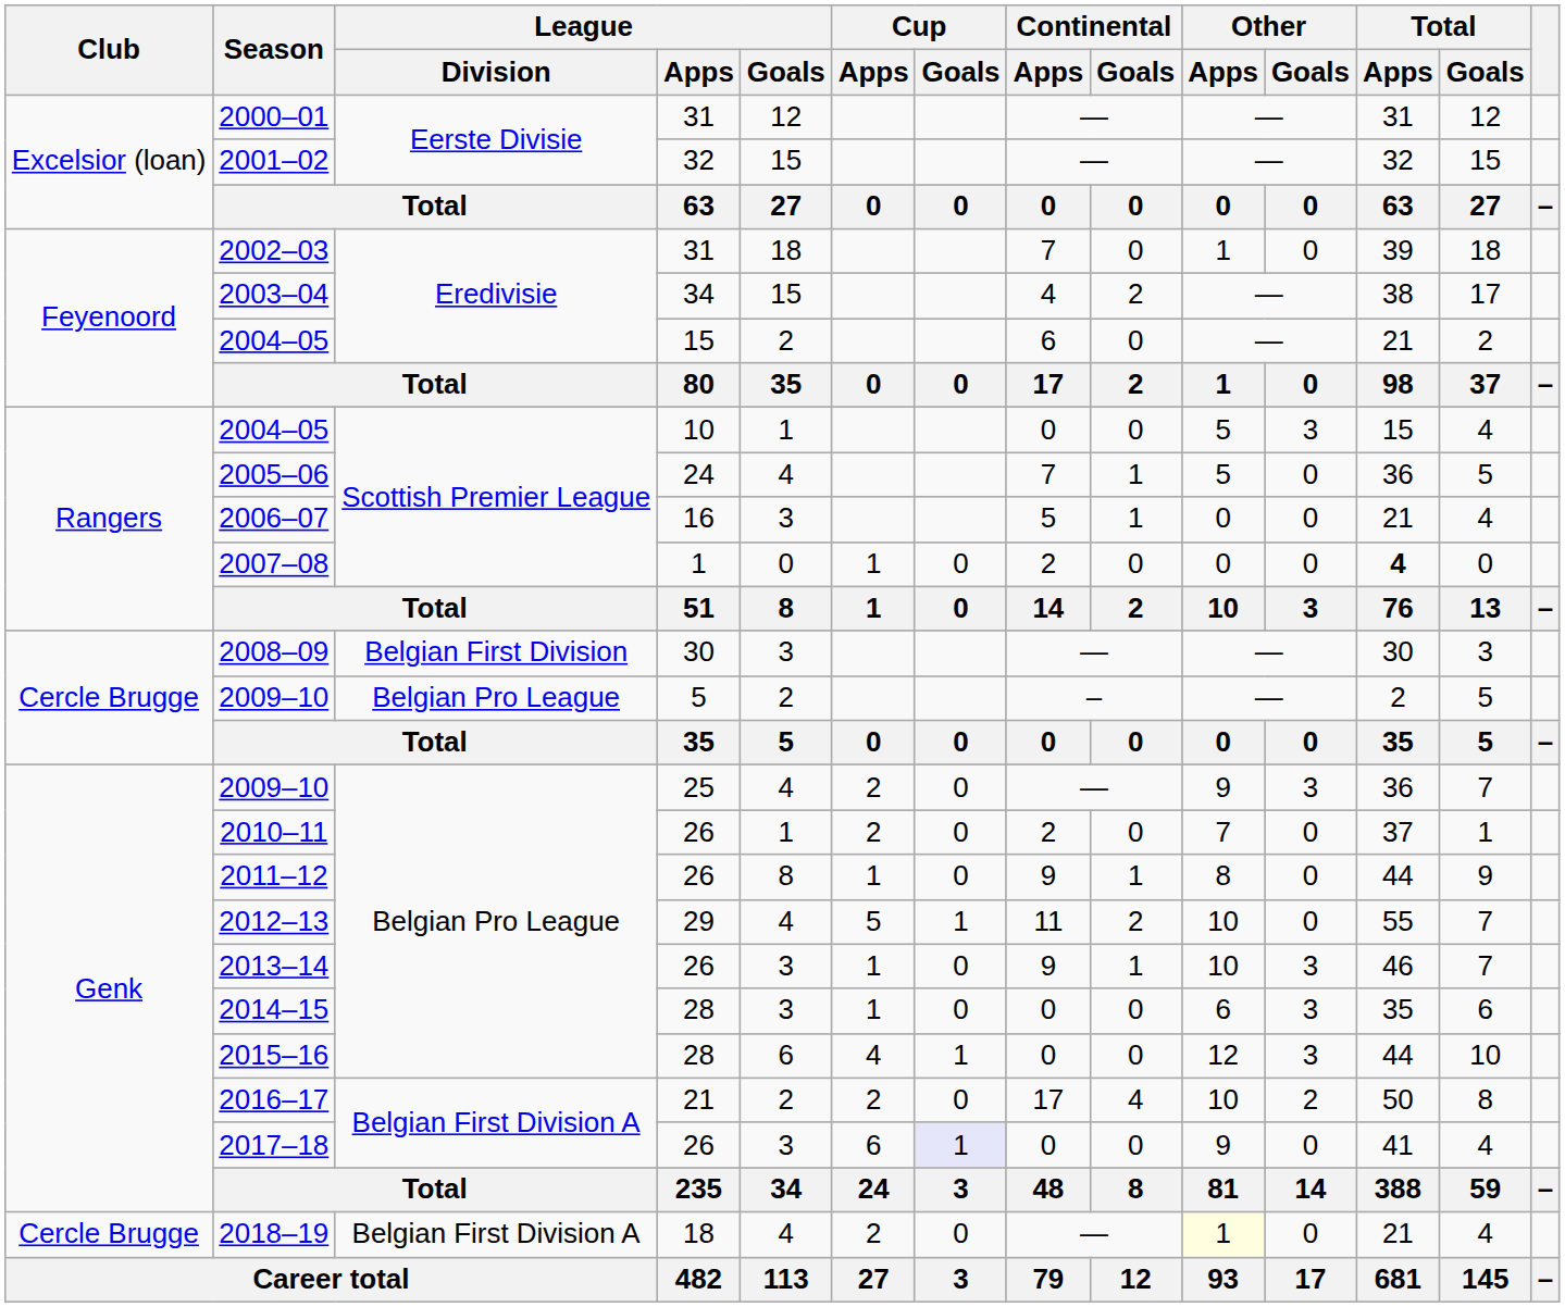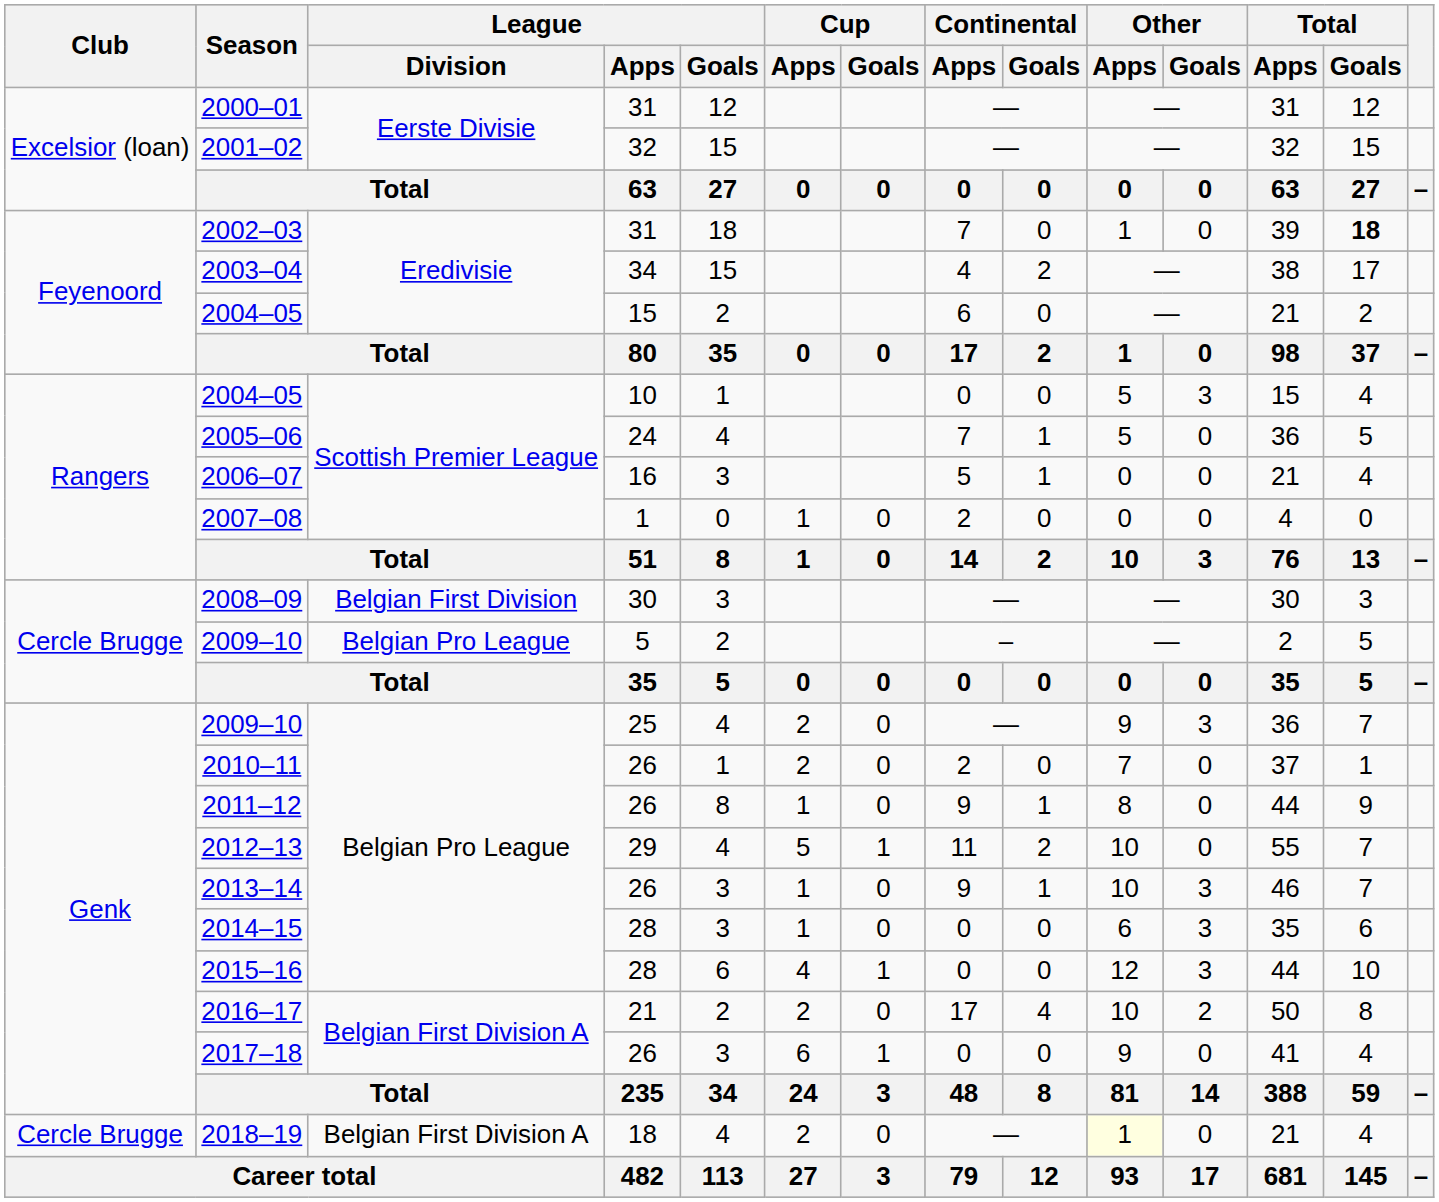 <table class="wikitable" style="text-align:center">
 <tr>
 <th rowspan="2">Club</th>
 <th rowspan="2">Season</th>
 <th colspan="3">League</th>
 <th colspan="2">Cup</th>
 <th colspan="2">Continental</th>
 <th colspan="2">Other</th>
 <th colspan="2">Total</th>
 <th rowspan="2"></th>
 </tr>
 <tr>
 <th>Division</th>
 <th>Apps</th>
 <th>Goals</th>
 <th>Apps</th>
 <th>Goals</th>
 <th>Apps</th>
 <th>Goals</th>
 <th>Apps</th>
 <th>Goals</th>
 <th>Apps</th>
 <th>Goals</th>
 </tr>
 <tr>
 <td rowspan="3"><a href='#'>Excelsior</a> (loan)</td>
 <td><a href='#'>2000–01</a></td>
 <td rowspan="2"><a href='#'>Eerste Divisie</a></td>
 <td>31</td>
 <td>12</td>
 <td></td>
 <td></td>
 <td colspan="2">—</td>
 <td colspan="2">—</td>
 <td>31</td>
 <td>12</td>
 <td></td>
 </tr>
 <tr>
 <td><a href='#'>2001–02</a></td>
 <td>32</td>
 <td>15</td>
 <td></td>
 <td></td>
 <td colspan="2">—</td>
 <td colspan="2">—</td>
 <td>32</td>
 <td>15</td>
 <td></td>
 </tr>
 <tr>
 <th colspan="2">Total</th>
 <th>63</th>
 <th>27</th>
 <th>0</th>
 <th>0</th>
 <th>0</th>
 <th>0</th>
 <th>0</th>
 <th>0</th>
 <th>63</th>
 <th>27</th>
 <th>–</th>
 </tr>
 <tr>
 <td rowspan="4"><a href='#'>Feyenoord</a></td>
 <td><a href='#'>2002–03</a></td>
 <td rowspan="3"><a href='#'>Eredivisie</a></td>
 <td>31</td>
 <td>18</td>
 <td></td>
 <td></td>
 <td>7</td>
 <td>0</td>
 <td>1</td>
 <td>0</td>
 <td>39</td>
-<td>18</td>
+<td><strong>18</strong></td>
 <td></td>
 </tr>
 <tr>
 <td><a href='#'>2003–04</a></td>
 <td>34</td>
 <td>15</td>
 <td></td>
 <td></td>
 <td>4</td>
 <td>2</td>
 <td colspan="2">—</td>
 <td>38</td>
 <td>17</td>
 <td></td>
 </tr>
 <tr>
 <td><a href='#'>2004–05</a></td>
 <td>15</td>
 <td>2</td>
 <td></td>
 <td></td>
 <td>6</td>
 <td>0</td>
 <td colspan="2">—</td>
 <td>21</td>
 <td>2</td>
 <td></td>
 </tr>
 <tr>
 <th colspan="2">Total</th>
 <th>80</th>
 <th>35</th>
 <th>0</th>
 <th>0</th>
 <th>17</th>
 <th>2</th>
 <th>1</th>
 <th>0</th>
 <th>98</th>
 <th>37</th>
 <th>–</th>
 </tr>
 <tr>
 <td rowspan="5"><a href='#'>Rangers</a></td>
 <td><a href='#'>2004–05</a></td>
 <td rowspan="4"><a href='#'>Scottish Premier League</a></td>
 <td>10</td>
 <td>1</td>
 <td></td>
 <td></td>
 <td>0</td>
 <td>0</td>
 <td>5</td>
 <td>3</td>
 <td>15</td>
 <td>4</td>
 <td></td>
 </tr>
 <tr>
 <td><a href='#'>2005–06</a></td>
 <td>24</td>
 <td>4</td>
 <td></td>
 <td></td>
 <td>7</td>
 <td>1</td>
 <td>5</td>
 <td>0</td>
 <td>36</td>
 <td>5</td>
 <td></td>
 </tr>
 <tr>
 <td><a href='#'>2006–07</a></td>
 <td>16</td>
 <td>3</td>
 <td></td>
 <td></td>
 <td>5</td>
 <td>1</td>
 <td>0</td>
 <td>0</td>
 <td>21</td>
 <td>4</td>
 <td></td>
 </tr>
 <tr>
 <td><a href='#'>2007–08</a></td>
 <td>1</td>
 <td>0</td>
 <td>1</td>
 <td>0</td>
 <td>2</td>
 <td>0</td>
 <td>0</td>
 <td>0</td>
-<td><strong>4</strong></td>
+<td>4</td>
 <td>0</td>
 <td></td>
 </tr>
 <tr>
 <th colspan="2">Total</th>
 <th>51</th>
 <th>8</th>
 <th>1</th>
 <th>0</th>
 <th>14</th>
 <th>2</th>
 <th>10</th>
 <th>3</th>
 <th>76</th>
 <th>13</th>
 <th>–</th>
 </tr>
 <tr>
 <td rowspan="3"><a href='#'>Cercle Brugge</a></td>
 <td><a href='#'>2008–09</a></td>
 <td><a href='#'>Belgian First Division</a></td>
 <td>30</td>
 <td>3</td>
 <td></td>
 <td></td>
 <td colspan="2">—</td>
 <td colspan="2">—</td>
 <td>30</td>
 <td>3</td>
 <td></td>
 </tr>
 <tr>
 <td><a href='#'>2009–10</a></td>
 <td><a href='#'>Belgian Pro League</a></td>
 <td>5</td>
 <td>2</td>
 <td></td>
 <td></td>
 <td colspan="2">–</td>
 <td colspan="2">—</td>
 <td>2</td>
 <td>5</td>
 <td></td>
 </tr>
 <tr>
 <th colspan="2">Total</th>
 <th>35</th>
 <th>5</th>
 <th>0</th>
 <th>0</th>
 <th>0</th>
 <th>0</th>
 <th>0</th>
 <th>0</th>
 <th>35</th>
 <th>5</th>
 <th>–</th>
 </tr>
 <tr>
 <td rowspan="10"><a href='#'>Genk</a></td>
 <td><a href='#'>2009–10</a></td>
 <td rowspan="7">Belgian Pro League</td>
 <td>25</td>
 <td>4</td>
 <td>2</td>
 <td>0</td>
 <td colspan="2">—</td>
 <td>9</td>
 <td>3</td>
 <td>36</td>
 <td>7</td>
 <td></td>
 </tr>
 <tr>
 <td><a href='#'>2010–11</a></td>
 <td>26</td>
 <td>1</td>
 <td>2</td>
 <td>0</td>
 <td>2</td>
 <td>0</td>
 <td>7</td>
 <td>0</td>
 <td>37</td>
 <td>1</td>
 <td></td>
 </tr>
 <tr>
 <td><a href='#'>2011–12</a></td>
 <td>26</td>
 <td>8</td>
 <td>1</td>
 <td>0</td>
 <td>9</td>
 <td>1</td>
 <td>8</td>
 <td>0</td>
 <td>44</td>
 <td>9</td>
 <td></td>
 </tr>
 <tr>
 <td><a href='#'>2012–13</a></td>
 <td>29</td>
 <td>4</td>
 <td>5</td>
 <td>1</td>
 <td>11</td>
 <td>2</td>
 <td>10</td>
 <td>0</td>
 <td>55</td>
 <td>7</td>
 <td></td>
 </tr>
 <tr>
 <td><a href='#'>2013–14</a></td>
 <td>26</td>
 <td>3</td>
 <td>1</td>
 <td>0</td>
 <td>9</td>
 <td>1</td>
 <td>10</td>
 <td>3</td>
 <td>46</td>
 <td>7</td>
 <td></td>
 </tr>
 <tr>
 <td><a href='#'>2014–15</a></td>
 <td>28</td>
 <td>3</td>
 <td>1</td>
 <td>0</td>
 <td>0</td>
 <td>0</td>
 <td>6</td>
 <td>3</td>
 <td>35</td>
 <td>6</td>
 <td></td>
 </tr>
 <tr>
 <td><a href='#'>2015–16</a></td>
 <td>28</td>
 <td>6</td>
 <td>4</td>
 <td>1</td>
 <td>0</td>
 <td>0</td>
 <td>12</td>
 <td>3</td>
 <td>44</td>
 <td>10</td>
 <td></td>
 </tr>
 <tr>
 <td><a href='#'>2016–17</a></td>
 <td rowspan="2"><a href='#'>Belgian First Division A</a></td>
 <td>21</td>
 <td>2</td>
 <td>2</td>
 <td>0</td>
 <td>17</td>
 <td>4</td>
 <td>10</td>
 <td>2</td>
 <td>50</td>
 <td>8</td>
 <td></td>
 </tr>
 <tr>
 <td><a href='#'>2017–18</a></td>
 <td>26</td>
 <td>3</td>
 <td>6</td>
-<td style="background: lavender;">1</td>
+<td>1</td>
 <td>0</td>
 <td>0</td>
 <td>9</td>
 <td>0</td>
 <td>41</td>
 <td>4</td>
 <td></td>
 </tr>
 <tr>
 <th colspan="2">Total</th>
 <th>235</th>
 <th>34</th>
 <th>24</th>
 <th>3</th>
 <th>48</th>
 <th>8</th>
 <th>81</th>
 <th>14</th>
 <th>388</th>
 <th>59</th>
 <th>–</th>
 </tr>
 <tr>
 <td><a href='#'>Cercle Brugge</a></td>
 <td><a href='#'>2018–19</a></td>
 <td>Belgian First Division A</td>
 <td>18</td>
 <td>4</td>
 <td>2</td>
 <td>0</td>
 <td colspan="2">—</td>
 <td style="background: lightyellow;">1</td>
 <td>0</td>
 <td>21</td>
 <td>4</td>
 <td></td>
 </tr>
 <tr>
 <th colspan="3">Career total</th>
 <th>482</th>
 <th>113</th>
 <th>27</th>
 <th>3</th>
 <th>79</th>
 <th>12</th>
 <th>93</th>
 <th>17</th>
 <th>681</th>
 <th>145</th>
 <th>–</th>
 </tr>
 </table>
